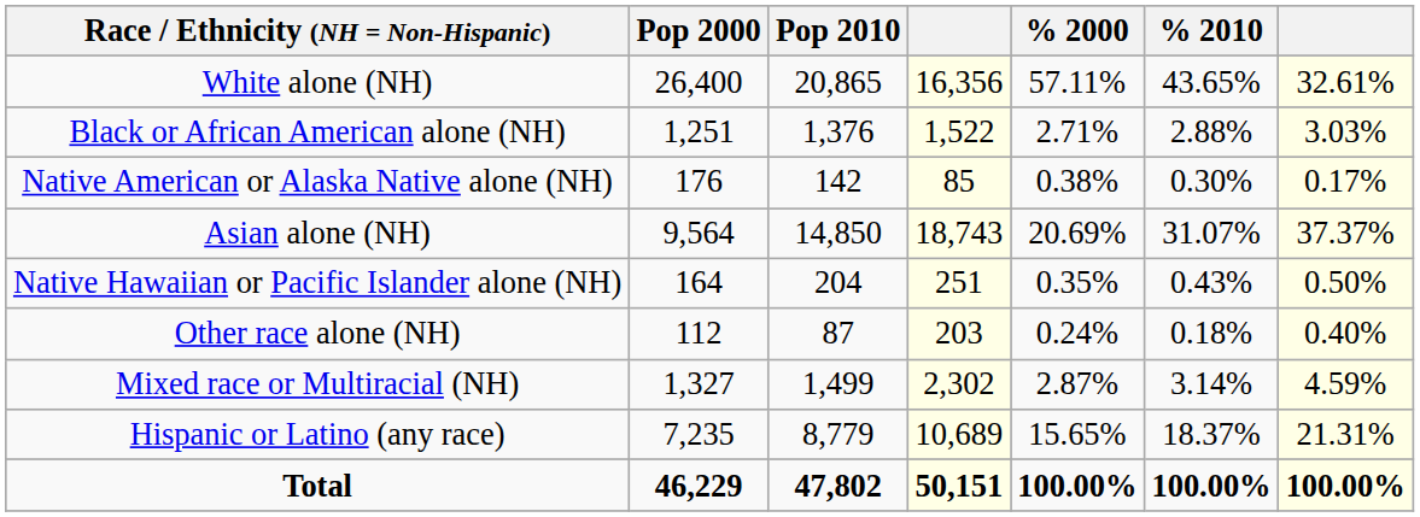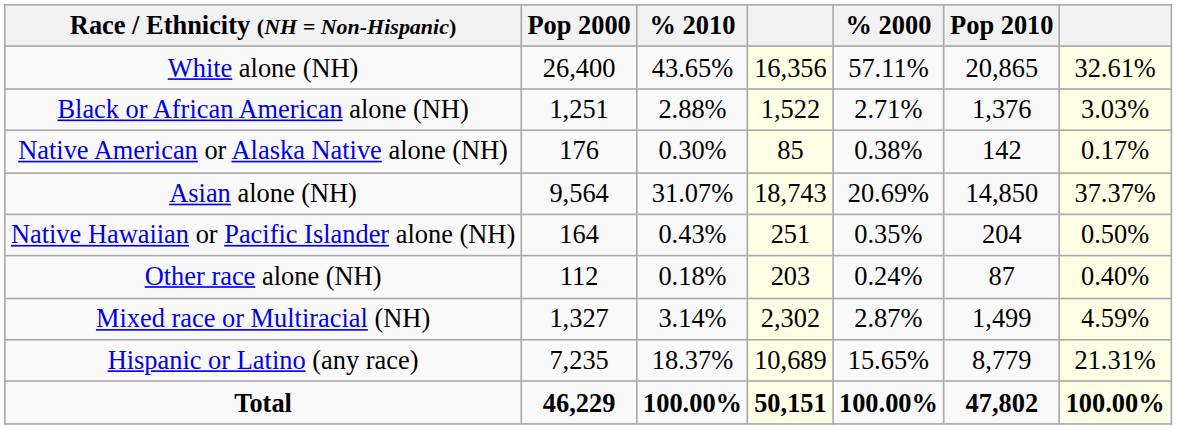 <table class="wikitable" style="text-align:center;">
 <tr>
 <th>Race / Ethnicity <small>(<em>NH = Non-Hispanic</em>)</small></th>
 <th>Pop 2000</th>
-<th>Pop 2010</th>
+<th>% 2010</th>
 <th></th>
 <th>% 2000</th>
-<th>% 2010</th>
+<th>Pop 2010</th>
 <th></th>
 </tr>
 <tr>
 <td><a href='#'>White</a> alone (NH)</td>
 <td>26,400</td>
-<td>20,865</td>
+<td>43.65%</td>
 <td style='background: #ffffe6;'>16,356</td>
 <td>57.11%</td>
-<td>43.65%</td>
+<td>20,865</td>
 <td style='background: #ffffe6;'>32.61%</td>
 </tr>
 <tr>
 <td><a href='#'>Black or African American</a> alone (NH)</td>
 <td>1,251</td>
-<td>1,376</td>
+<td>2.88%</td>
 <td style='background: #ffffe6;'>1,522</td>
 <td>2.71%</td>
-<td>2.88%</td>
+<td>1,376</td>
 <td style='background: #ffffe6;'>3.03%</td>
 </tr>
 <tr>
 <td><a href='#'>Native American</a> or <a href='#'>Alaska Native</a> alone (NH)</td>
 <td>176</td>
-<td>142</td>
+<td>0.30%</td>
 <td style='background: #ffffe6;'>85</td>
 <td>0.38%</td>
-<td>0.30%</td>
+<td>142</td>
 <td style='background: #ffffe6;'>0.17%</td>
 </tr>
 <tr>
 <td><a href='#'>Asian</a> alone (NH)</td>
 <td>9,564</td>
-<td>14,850</td>
+<td>31.07%</td>
 <td style='background: #ffffe6;'>18,743</td>
 <td>20.69%</td>
-<td>31.07%</td>
+<td>14,850</td>
 <td style='background: #ffffe6;'>37.37%</td>
 </tr>
 <tr>
 <td><a href='#'>Native Hawaiian</a> or <a href='#'>Pacific Islander</a> alone (NH)</td>
 <td>164</td>
-<td>204</td>
+<td>0.43%</td>
 <td style='background: #ffffe6;'>251</td>
 <td>0.35%</td>
-<td>0.43%</td>
+<td>204</td>
 <td style='background: #ffffe6;'>0.50%</td>
 </tr>
 <tr>
 <td><a href='#'>Other race</a> alone (NH)</td>
 <td>112</td>
-<td>87</td>
+<td>0.18%</td>
 <td style='background: #ffffe6;'>203</td>
 <td>0.24%</td>
-<td>0.18%</td>
+<td>87</td>
 <td style='background: #ffffe6;'>0.40%</td>
 </tr>
 <tr>
 <td><a href='#'>Mixed race or Multiracial</a> (NH)</td>
 <td>1,327</td>
-<td>1,499</td>
+<td>3.14%</td>
 <td style='background: #ffffe6;'>2,302</td>
 <td>2.87%</td>
-<td>3.14%</td>
+<td>1,499</td>
 <td style='background: #ffffe6;'>4.59%</td>
 </tr>
 <tr>
 <td><a href='#'>Hispanic or Latino</a> (any race)</td>
 <td>7,235</td>
-<td>8,779</td>
+<td>18.37%</td>
 <td style='background: #ffffe6;'>10,689</td>
 <td>15.65%</td>
-<td>18.37%</td>
+<td>8,779</td>
 <td style='background: #ffffe6;'>21.31%</td>
 </tr>
 <tr>
 <td><strong>Total</strong></td>
 <td><strong>46,229</strong></td>
-<td><strong>47,802</strong></td>
+<td><strong>100.00%</strong></td>
 <td style='background: #ffffe6;'><strong>50,151</strong></td>
 <td><strong>100.00%</strong></td>
-<td><strong>100.00%</strong></td>
+<td><strong>47,802</strong></td>
 <td style='background: #ffffe6;'><strong>100.00%</strong></td>
 </tr>
 </table>
